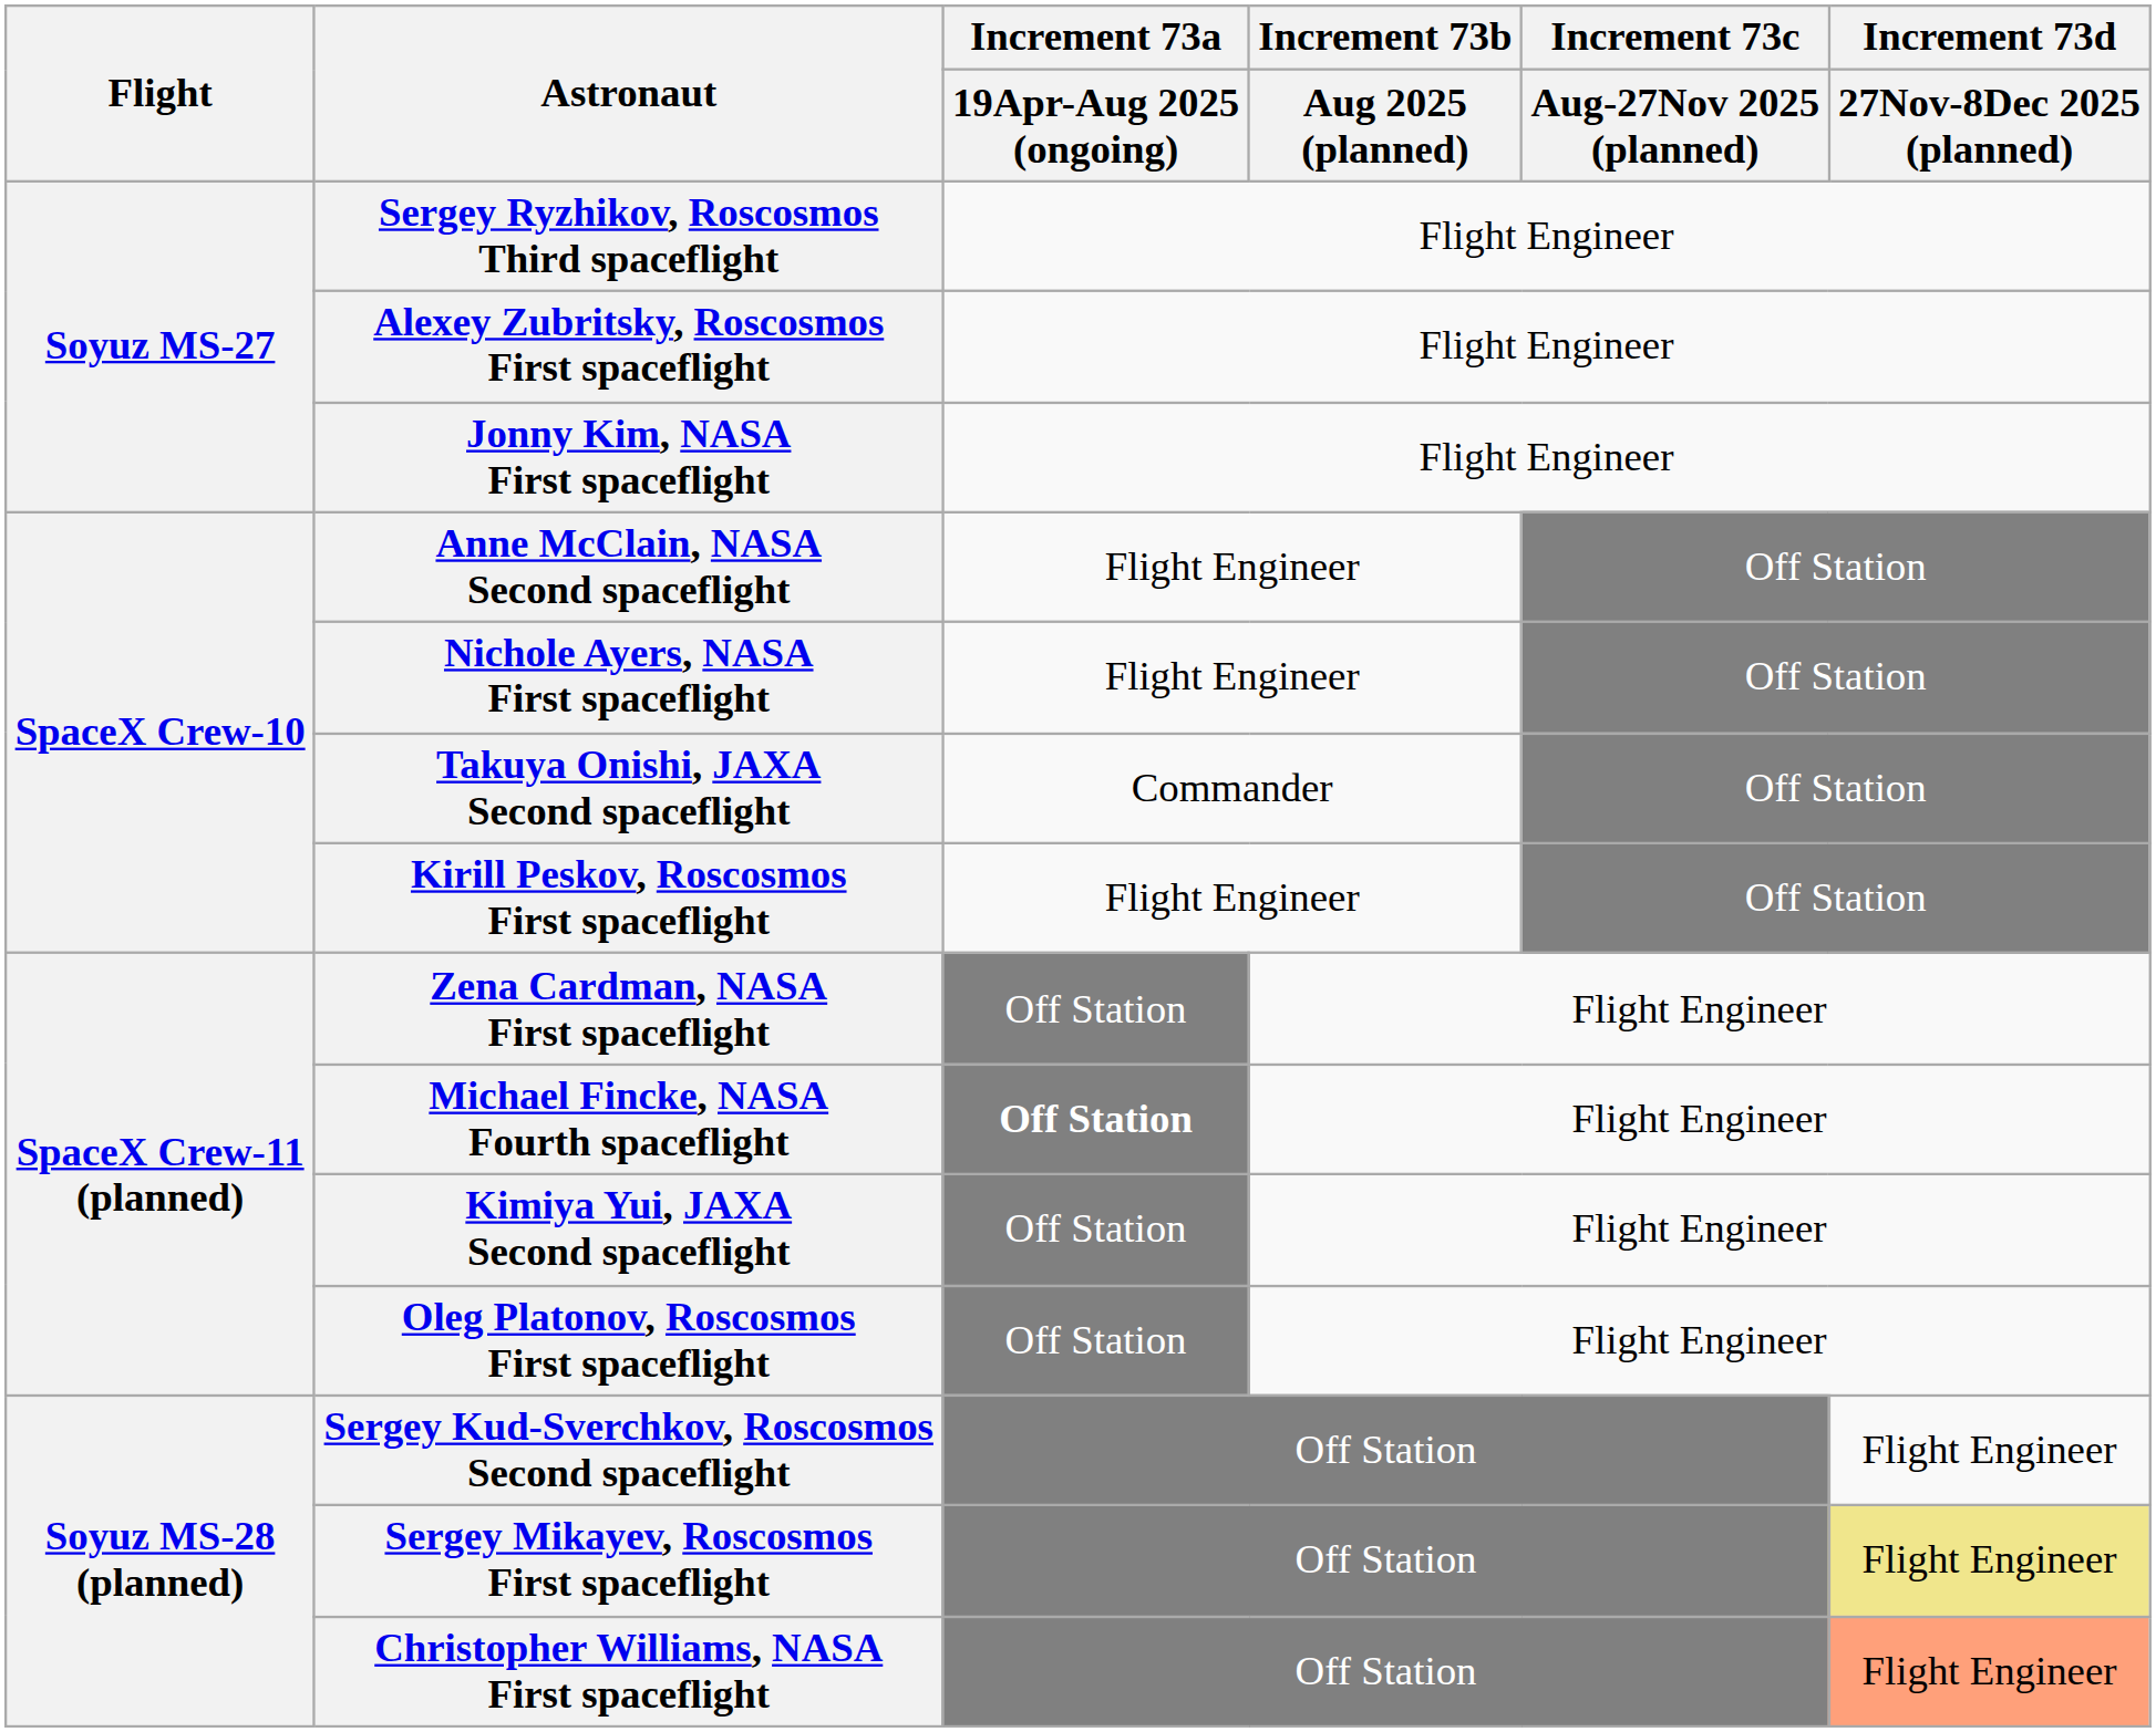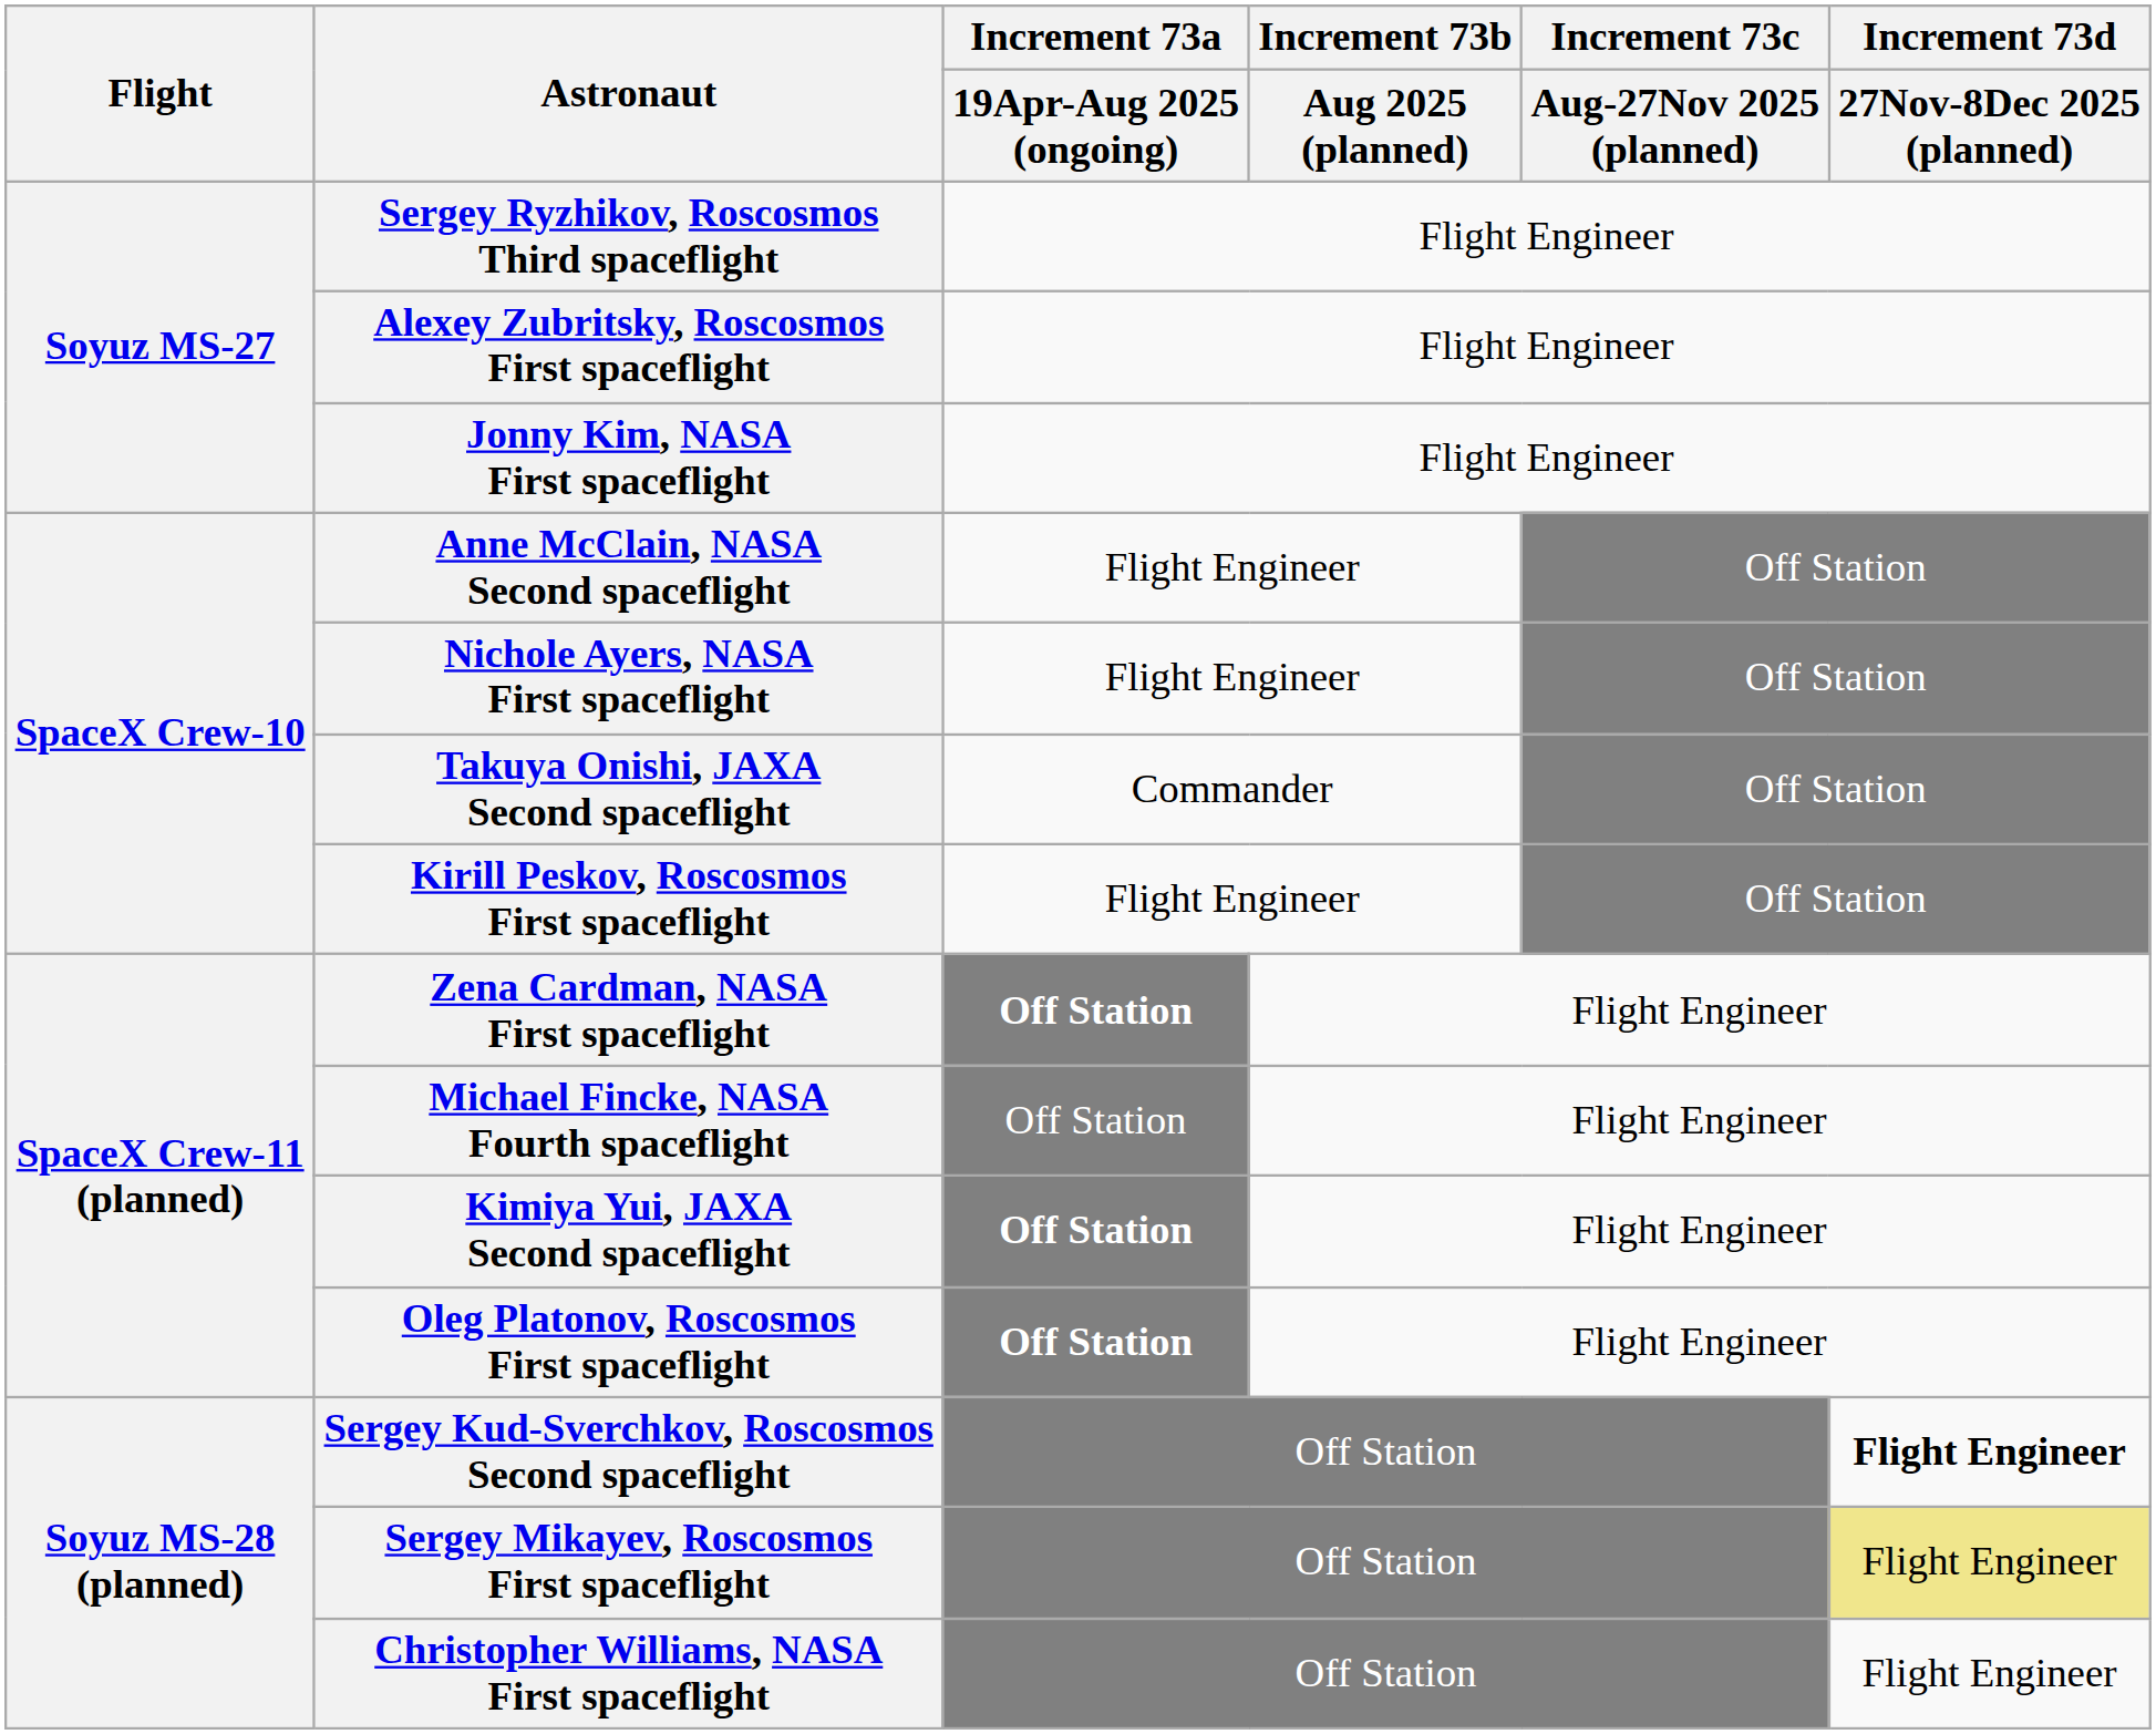 <table class="wikitable" style="text-align:center">
 <tr>
 <th rowspan="2">Flight</th>
 <th rowspan="2">Astronaut</th>
 <th>Increment 73a</th>
 <th>Increment 73b</th>
 <th>Increment 73c</th>
 <th>Increment 73d</th>
 </tr>
 <tr>
 <th>19Apr-Aug 2025<br>(ongoing)</th>
 <th>Aug 2025<br>(planned)</th>
 <th>Aug-27Nov 2025<br>(planned)</th>
 <th>27Nov-8Dec 2025<br>(planned)</th>
 </tr>
 <tr>
 <th rowspan="3"><a href='#'>Soyuz MS-27</a></th>
 <th> <a href='#'>Sergey Ryzhikov</a>, <a href='#'>Roscosmos</a><br>Third spaceflight</th>
 <td colspan="4">Flight Engineer</td>
 </tr>
 <tr>
 <th> <a href='#'>Alexey Zubritsky</a>, <a href='#'>Roscosmos</a><br>First spaceflight</th>
 <td colspan="4">Flight Engineer</td>
 </tr>
 <tr>
 <th> <a href='#'>Jonny Kim</a>, <a href='#'>NASA</a><br>First spaceflight</th>
 <td colspan="4">Flight Engineer</td>
 </tr>
 <tr>
 <th rowspan="4"><a href='#'>SpaceX Crew-10</a></th>
 <th> <a href='#'>Anne McClain</a>, <a href='#'>NASA</a><br>Second spaceflight</th>
 <td colspan="2">Flight Engineer</td>
 <td colspan="2" style="background:grey; color:white;">Off Station</td>
 </tr>
 <tr>
 <th> <a href='#'>Nichole Ayers</a>, <a href='#'>NASA</a><br>First spaceflight</th>
 <td colspan="2">Flight Engineer</td>
 <td colspan="2" style="background:grey; color:white;">Off Station</td>
 </tr>
 <tr>
 <th> <a href='#'>Takuya Onishi</a>, <a href='#'>JAXA</a><br>Second spaceflight</th>
 <td colspan="2">Commander</td>
 <td colspan="2" style="background:grey; color:white;">Off Station</td>
 </tr>
 <tr>
 <th> <a href='#'>Kirill Peskov</a>, <a href='#'>Roscosmos</a><br>First spaceflight</th>
 <td colspan="2">Flight Engineer</td>
 <td colspan="2" style="background:grey; color:white;">Off Station</td>
 </tr>
 <tr>
 <th rowspan="4"><a href='#'>SpaceX Crew-11</a><br>(planned)</th>
 <th> <a href='#'>Zena Cardman</a>, <a href='#'>NASA</a><br>First spaceflight</th>
+<td style="background:grey; color:white;"><strong>Off Station</strong></td>
+<td colspan="3">Flight Engineer</td>
+</tr>
+<tr>
+<th> <a href='#'>Michael Fincke</a>, <a href='#'>NASA</a><br>Fourth spaceflight</th>
 <td style="background:grey; color:white;">Off Station</td>
 <td colspan="3">Flight Engineer</td>
 </tr>
 <tr>
-<th> <a href='#'>Michael Fincke</a>, <a href='#'>NASA</a><br>Fourth spaceflight</th>
+<th> <a href='#'>Kimiya Yui</a>, <a href='#'>JAXA</a><br>Second spaceflight</th>
 <td style="background:grey; color:white;"><strong>Off Station</strong></td>
 <td colspan="3">Flight Engineer</td>
 </tr>
 <tr>
-<th> <a href='#'>Kimiya Yui</a>, <a href='#'>JAXA</a><br>Second spaceflight</th>
-<td style="background:grey; color:white;">Off Station</td>
-<td colspan="3">Flight Engineer</td>
-</tr>
-<tr>
 <th> <a href='#'>Oleg Platonov</a>, <a href='#'>Roscosmos</a><br>First spaceflight</th>
-<td style="background:grey; color:white;">Off Station</td>
+<td style="background:grey; color:white;"><strong>Off Station</strong></td>
 <td colspan="3">Flight Engineer</td>
 </tr>
 <tr>
 <th rowspan="3"><a href='#'>Soyuz MS-28</a><br>(planned)</th>
 <th> <a href='#'>Sergey Kud-Sverchkov</a>, <a href='#'>Roscosmos</a><br>Second spaceflight</th>
 <td colspan="3" style="background:grey; color:white;">Off Station</td>
-<td>Flight Engineer</td>
+<td><strong>Flight Engineer</strong></td>
 </tr>
 <tr>
 <th> <a href='#'>Sergey Mikayev</a>, <a href='#'>Roscosmos</a><br>First spaceflight</th>
 <td colspan="3" style="background:grey; color:white;">Off Station</td>
 <td style="background: khaki;">Flight Engineer</td>
 </tr>
 <tr>
 <th> <a href='#'>Christopher Williams</a>, <a href='#'>NASA</a><br>First spaceflight</th>
 <td colspan="3" style="background:grey; color:white;">Off Station</td>
-<td style="background: lightsalmon;">Flight Engineer</td>
+<td>Flight Engineer</td>
 </tr>
 </table>
